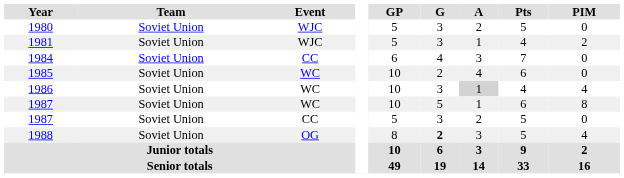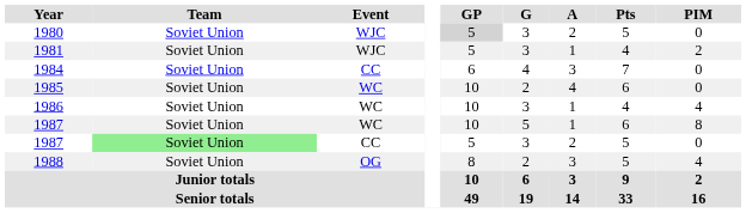 <table border="0" cellpadding="1" cellspacing="0" style="text-align:center; width:50em">
 <tr ALIGN="center" bgcolor="#e0e0e0">
 <th>Year</th>
 <th>Team</th>
 <th>Event</th>
 <th ALIGN="center" rowspan="99" bgcolor="#ffffff"> </th>
 <th>GP</th>
 <th>G</th>
 <th>A</th>
 <th>Pts</th>
 <th>PIM</th>
 </tr>
 <tr>
 <td><a href='#'>1980</a></td>
 <td><a href='#'>Soviet Union</a></td>
 <td><a href='#'>WJC</a></td>
-<td>5</td>
+<td style="background: lightgrey;">5</td>
 <td>3</td>
 <td>2</td>
 <td>5</td>
 <td>0</td>
 </tr>
 <tr bgcolor="#f0f0f0">
 <td><a href='#'>1981</a></td>
 <td>Soviet Union</td>
 <td>WJC</td>
 <td>5</td>
 <td>3</td>
 <td>1</td>
 <td>4</td>
 <td>2</td>
 </tr>
 <tr>
 <td><a href='#'>1984</a></td>
 <td><a href='#'>Soviet Union</a></td>
 <td><a href='#'>CC</a></td>
 <td>6</td>
 <td>4</td>
 <td>3</td>
 <td>7</td>
 <td>0</td>
 </tr>
 <tr bgcolor="#f0f0f0">
 <td><a href='#'>1985</a></td>
 <td>Soviet Union</td>
 <td><a href='#'>WC</a></td>
 <td>10</td>
 <td>2</td>
 <td>4</td>
 <td>6</td>
 <td>0</td>
 </tr>
 <tr>
 <td><a href='#'>1986</a></td>
 <td>Soviet Union</td>
 <td>WC</td>
 <td>10</td>
 <td>3</td>
-<td style="background: lightgrey;">1</td>
+<td>1</td>
 <td>4</td>
 <td>4</td>
 </tr>
 <tr bgcolor="#f0f0f0">
 <td><a href='#'>1987</a></td>
 <td>Soviet Union</td>
 <td>WC</td>
 <td>10</td>
 <td>5</td>
 <td>1</td>
 <td>6</td>
 <td>8</td>
 </tr>
 <tr>
 <td><a href='#'>1987</a></td>
-<td>Soviet Union</td>
+<td style="background: lightgreen;">Soviet Union</td>
 <td>CC</td>
 <td>5</td>
 <td>3</td>
 <td>2</td>
 <td>5</td>
 <td>0</td>
 </tr>
 <tr bgcolor="#f0f0f0">
 <td><a href='#'>1988</a></td>
 <td>Soviet Union</td>
 <td><a href='#'>OG</a></td>
 <td>8</td>
-<td><strong>2</strong></td>
+<td>2</td>
 <td>3</td>
 <td>5</td>
 <td>4</td>
 </tr>
 <tr bgcolor="#e0e0e0">
 <th colspan=3>Junior totals</th>
 <th>10</th>
 <th>6</th>
 <th>3</th>
 <th>9</th>
 <th>2</th>
 </tr>
 <tr bgcolor="#e0e0e0">
 <th colspan=3>Senior totals</th>
 <th>49</th>
 <th>19</th>
 <th>14</th>
 <th>33</th>
 <th>16</th>
 </tr>
 </table>
